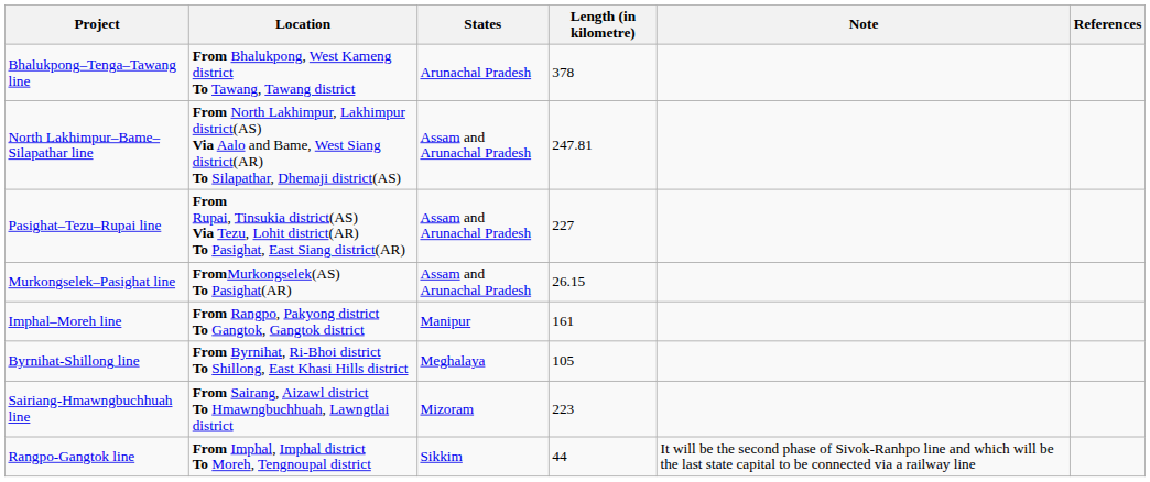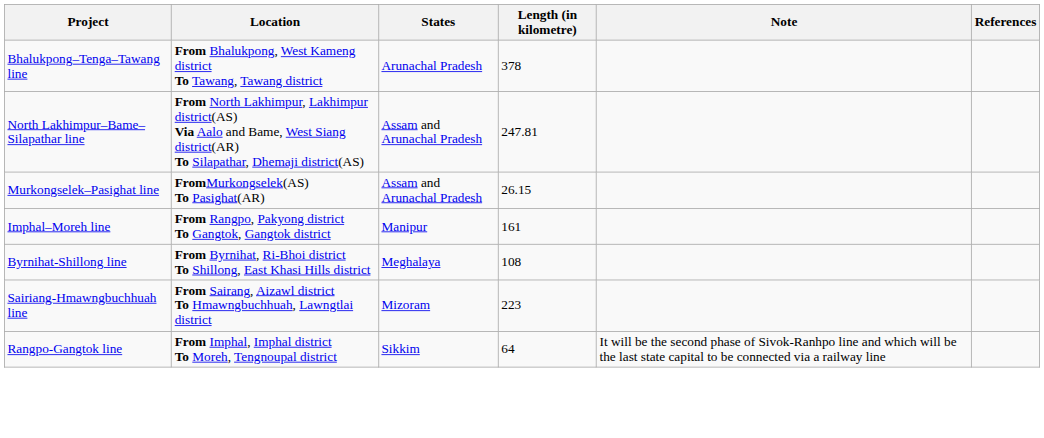 <table class="wikitable sortable">
 <tr>
 <th>Project</th>
 <th>Location</th>
 <th>States</th>
 <th>Length (in kilometre)</th>
 <th>Note</th>
 <th>References</th>
 </tr>
 <tr>
 <td><a href='#'>Bhalukpong–Tenga–Tawang line</a></td>
 <td><strong>From</strong> <a href='#'>Bhalukpong</a>, <a href='#'>West Kameng district</a><br><strong>To</strong> <a href='#'>Tawang</a>, <a href='#'>Tawang district</a></td>
 <td><a href='#'>Arunachal Pradesh</a></td>
 <td>378</td>
 <td></td>
 <td></td>
 </tr>
 <tr>
 <td><a href='#'>North Lakhimpur–Bame–Silapathar line</a></td>
 <td><strong>From</strong> <a href='#'>North Lakhimpur</a>, <a href='#'>Lakhimpur district</a>(AS)<br><strong>Via</strong> <a href='#'>Aalo</a> and Bame, <a href='#'>West Siang district</a>(AR)<br><strong>To</strong> <a href='#'>Silapathar</a>, <a href='#'>Dhemaji district</a>(AS)</td>
 <td><a href='#'>Assam</a> and <a href='#'>Arunachal Pradesh</a></td>
 <td>247.81</td>
 <td></td>
 <td></td>
 </tr>
 <tr>
-<td><a href='#'>Pasighat–Tezu–Rupai line</a></td>
-<td><strong>From</strong><br><a href='#'>Rupai</a>, <a href='#'>Tinsukia district</a>(AS)<br><strong>Via</strong> <a href='#'>Tezu</a>, <a href='#'>Lohit district</a>(AR)<br><strong>To</strong> <a href='#'>Pasighat</a>, <a href='#'>East Siang district</a>(AR)</td>
-<td><a href='#'>Assam</a> and <a href='#'>Arunachal Pradesh</a></td>
-<td>227</td>
-<td></td>
-<td></td>
-</tr>
-<tr>
 <td><a href='#'>Murkongselek–Pasighat line</a></td>
 <td><strong>From</strong><a href='#'>Murkongselek</a>(AS)<br><strong>To</strong>  <a href='#'>Pasighat</a>(AR)</td>
 <td><a href='#'>Assam</a> and <a href='#'>Arunachal Pradesh</a></td>
 <td>26.15</td>
 <td></td>
 <td></td>
 </tr>
 <tr>
 <td><a href='#'>Imphal–Moreh line</a></td>
 <td><strong>From</strong> <a href='#'>Rangpo</a>, <a href='#'>Pakyong district</a><br><strong>To</strong> <a href='#'>Gangtok</a>, <a href='#'>Gangtok district</a></td>
 <td><a href='#'>Manipur</a></td>
 <td>161</td>
 <td></td>
 <td></td>
 </tr>
 <tr>
 <td><a href='#'>Byrnihat-Shillong line</a></td>
 <td><strong>From</strong> <a href='#'>Byrnihat</a>, <a href='#'>Ri-Bhoi district</a><br><strong>To</strong> <a href='#'>Shillong</a>, <a href='#'>East Khasi Hills district</a></td>
 <td><a href='#'>Meghalaya</a></td>
-<td>105</td>
+<td>108</td>
 <td></td>
 <td></td>
 </tr>
 <tr>
 <td><a href='#'>Sairiang-Hmawngbuchhuah line</a></td>
 <td><strong>From</strong> <a href='#'>Sairang</a>, <a href='#'>Aizawl district</a><br><strong>To</strong> <a href='#'>Hmawngbuchhuah</a>, <a href='#'>Lawngtlai district</a></td>
 <td><a href='#'>Mizoram</a></td>
 <td>223</td>
 <td></td>
 <td></td>
 </tr>
 <tr>
 <td><a href='#'>Rangpo-Gangtok line</a></td>
 <td><strong>From</strong> <a href='#'>Imphal</a>,  <a href='#'>Imphal district</a><br><strong>To</strong> <a href='#'>Moreh</a>, <a href='#'>Tengnoupal district</a></td>
 <td><a href='#'>Sikkim</a></td>
-<td>44</td>
+<td>64</td>
 <td>It will be the second phase of Sivok-Ranhpo line and which will be the last state capital to be connected via a railway line</td>
 <td></td>
 </tr>
 </table>
